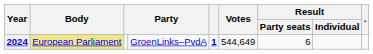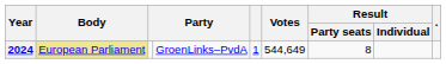 <table class="wikitable plainrowheaders sortable" border=2 cellpadding=4 cellspacing=0 style="border: 1px #aaa solid; font-size: 90%; text-align:center;">
 <tr>
 <th scope="col" rowspan=2>Year</th>
 <th scope="col" rowspan=2>Body</th>
 <th scope="col" colspan=2 rowspan=2>Party</th>
 <th scope="col" rowspan=2></th>
 <th scope="col" rowspan=2>Votes</th>
 <th scope="colgroup" colspan=2>Result</th>
 <th scope="col" rowspan=2>.</th>
 </tr>
 <tr>
 <th scope="col">Party seats</th>
 <th scope="col">Individual</th>
 </tr>
 <tr>
 <th scope="row"><a href='#'>2024</a></th>
 <td style="background: khaki;"><a href='#'>European Parliament</a></td>
 <td style="background-color:"></td>
 <td><a href='#'>GroenLinks–PvdA</a></td>
-<td style=text-align:right><strong><a href='#'>1</a></strong></td>
+<td style=text-align:right><a href='#'>1</a></td>
 <td style=text-align:right>544,649</td>
-<td style=text-align:right>6</td>
+<td style=text-align:right>8</td>
 <td></td>
 <td></td>
 </tr>
 </table>
